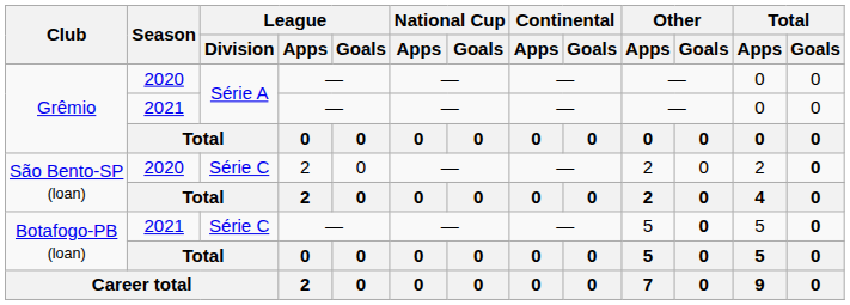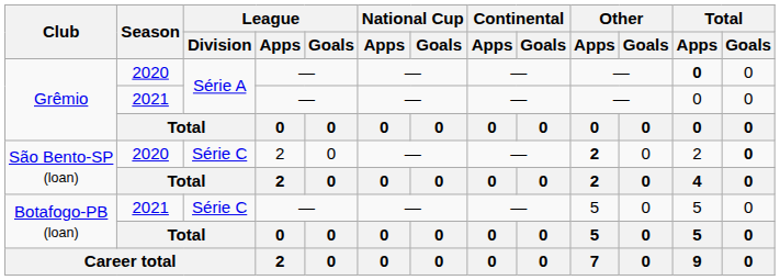 <table class="wikitable" style="text-align: center; font-size:96%">
 <tr>
 <th rowspan="2">Club</th>
 <th rowspan="2">Season</th>
 <th colspan="3">League</th>
 <th colspan="2">National Cup</th>
 <th colspan="2">Continental</th>
 <th colspan="2">Other</th>
 <th colspan="2">Total</th>
 </tr>
 <tr>
 <th>Division</th>
 <th>Apps</th>
 <th>Goals</th>
 <th>Apps</th>
 <th>Goals</th>
 <th>Apps</th>
 <th>Goals</th>
 <th>Apps</th>
 <th>Goals</th>
 <th>Apps</th>
 <th>Goals</th>
 </tr>
 <tr>
 <td rowspan=3><a href='#'>Grêmio</a></td>
 <td><a href='#'>2020</a></td>
 <td rowspan=2><a href='#'>Série A</a></td>
 <td colspan="2">—</td>
 <td colspan="2">—</td>
 <td colspan="2">—</td>
 <td colspan="2">—</td>
-<td>0</td>
+<td><strong>0</strong></td>
 <td>0</td>
 </tr>
 <tr>
 <td><a href='#'>2021</a></td>
 <td colspan="2">—</td>
 <td colspan="2">—</td>
 <td colspan="2">—</td>
 <td colspan="2">—</td>
 <td>0</td>
 <td>0</td>
 </tr>
 <tr>
 <th colspan=2>Total</th>
 <th>0</th>
 <th>0</th>
 <th>0</th>
 <th>0</th>
 <th>0</th>
 <th>0</th>
 <th>0</th>
 <th>0</th>
 <th>0</th>
 <th>0</th>
 </tr>
 <tr>
 <td rowspan=2><a href='#'>São Bento-SP</a><br><small>(loan)</small></td>
 <td><a href='#'>2020</a></td>
 <td><a href='#'>Série C</a></td>
 <td>2</td>
 <td>0</td>
 <td colspan="2">—</td>
 <td colspan="2">—</td>
-<td>2</td>
+<td><strong>2</strong></td>
 <td>0</td>
 <td>2</td>
 <td><strong>0</strong></td>
 </tr>
 <tr>
 <th colspan=2>Total</th>
 <th>2</th>
 <th>0</th>
 <th>0</th>
 <th>0</th>
 <th>0</th>
 <th>0</th>
 <th>2</th>
 <th>0</th>
 <th>4</th>
 <th>0</th>
 </tr>
 <tr>
 <td rowspan=2><a href='#'>Botafogo-PB</a><br><small>(loan)</small></td>
 <td><a href='#'>2021</a></td>
 <td><a href='#'>Série C</a></td>
 <td colspan="2">—</td>
 <td colspan="2">—</td>
 <td colspan="2">—</td>
 <td>5</td>
-<td><strong>0</strong></td>
+<td>0</td>
 <td>5</td>
-<td><strong>0</strong></td>
+<td>0</td>
 </tr>
 <tr>
 <th colspan=2>Total</th>
 <th>0</th>
 <th>0</th>
 <th>0</th>
 <th>0</th>
 <th>0</th>
 <th>0</th>
 <th>5</th>
 <th>0</th>
 <th>5</th>
 <th>0</th>
 </tr>
 <tr>
 <th colspan="3"><strong>Career total</strong></th>
 <th>2</th>
 <th>0</th>
 <th>0</th>
 <th>0</th>
 <th>0</th>
 <th>0</th>
 <th>7</th>
 <th>0</th>
 <th>9</th>
 <th>0</th>
 </tr>
 </table>
